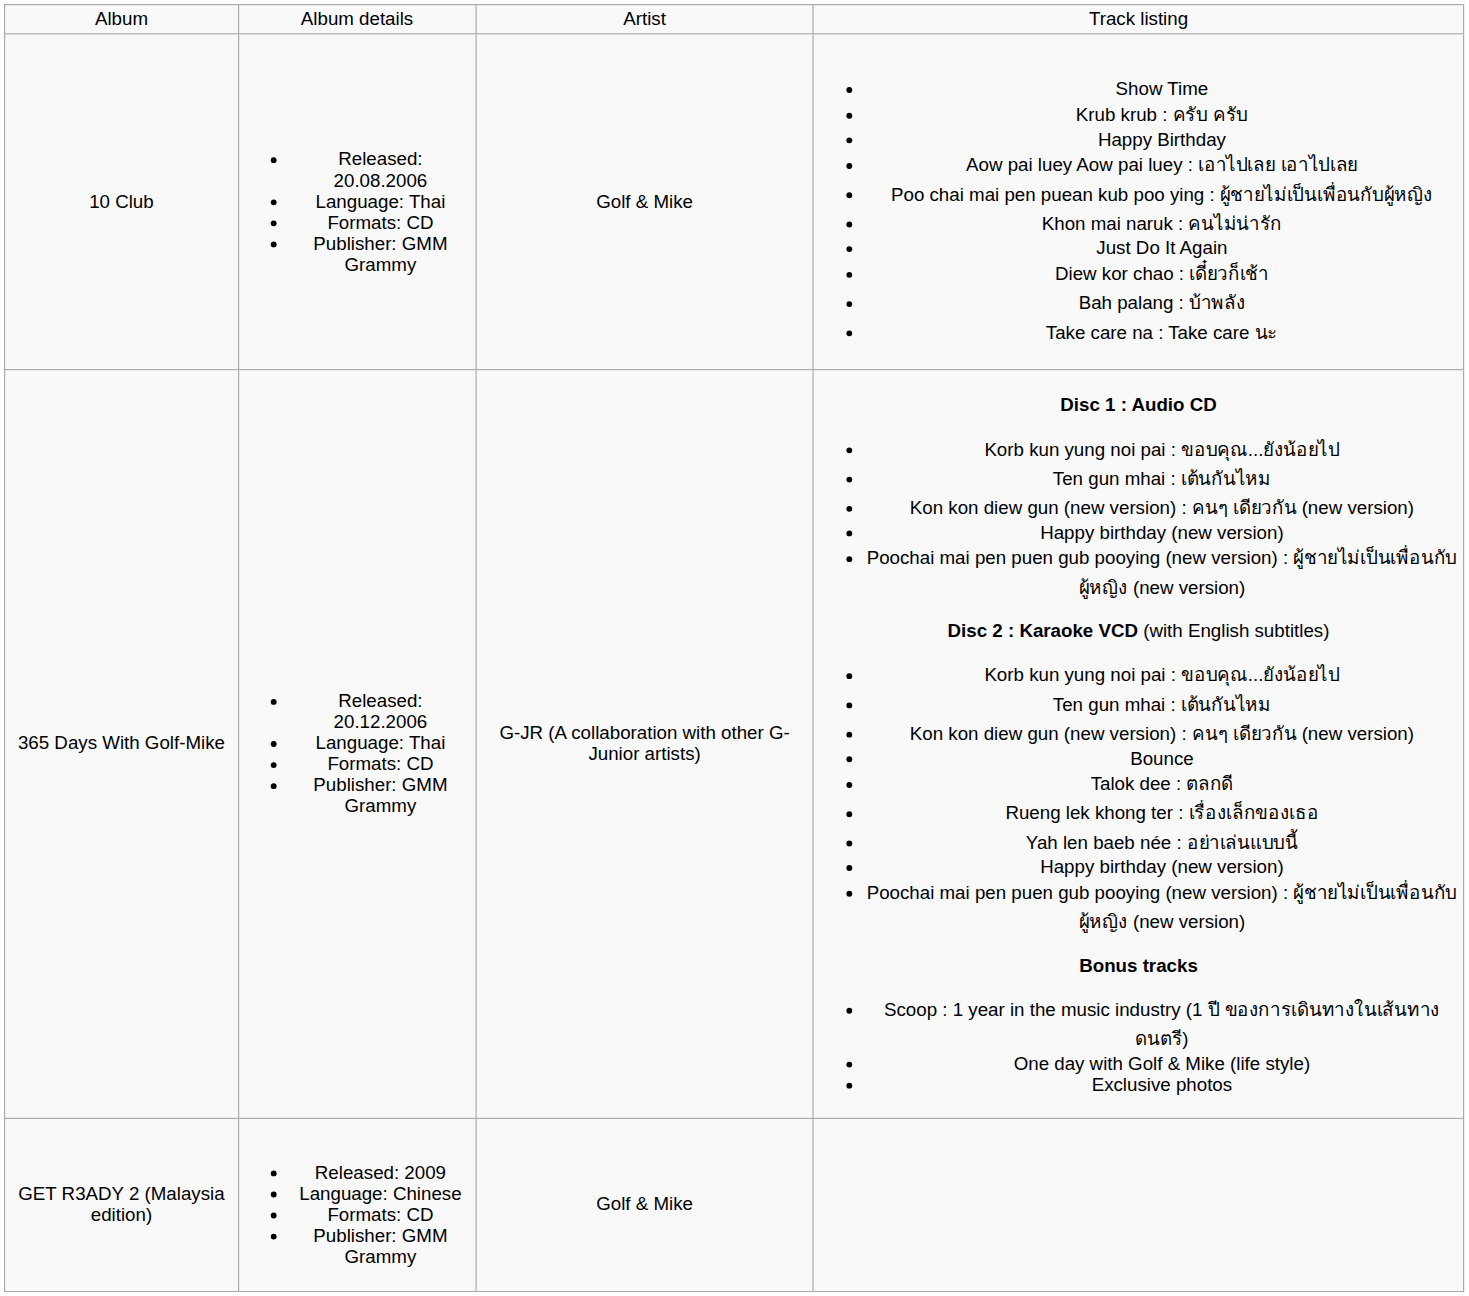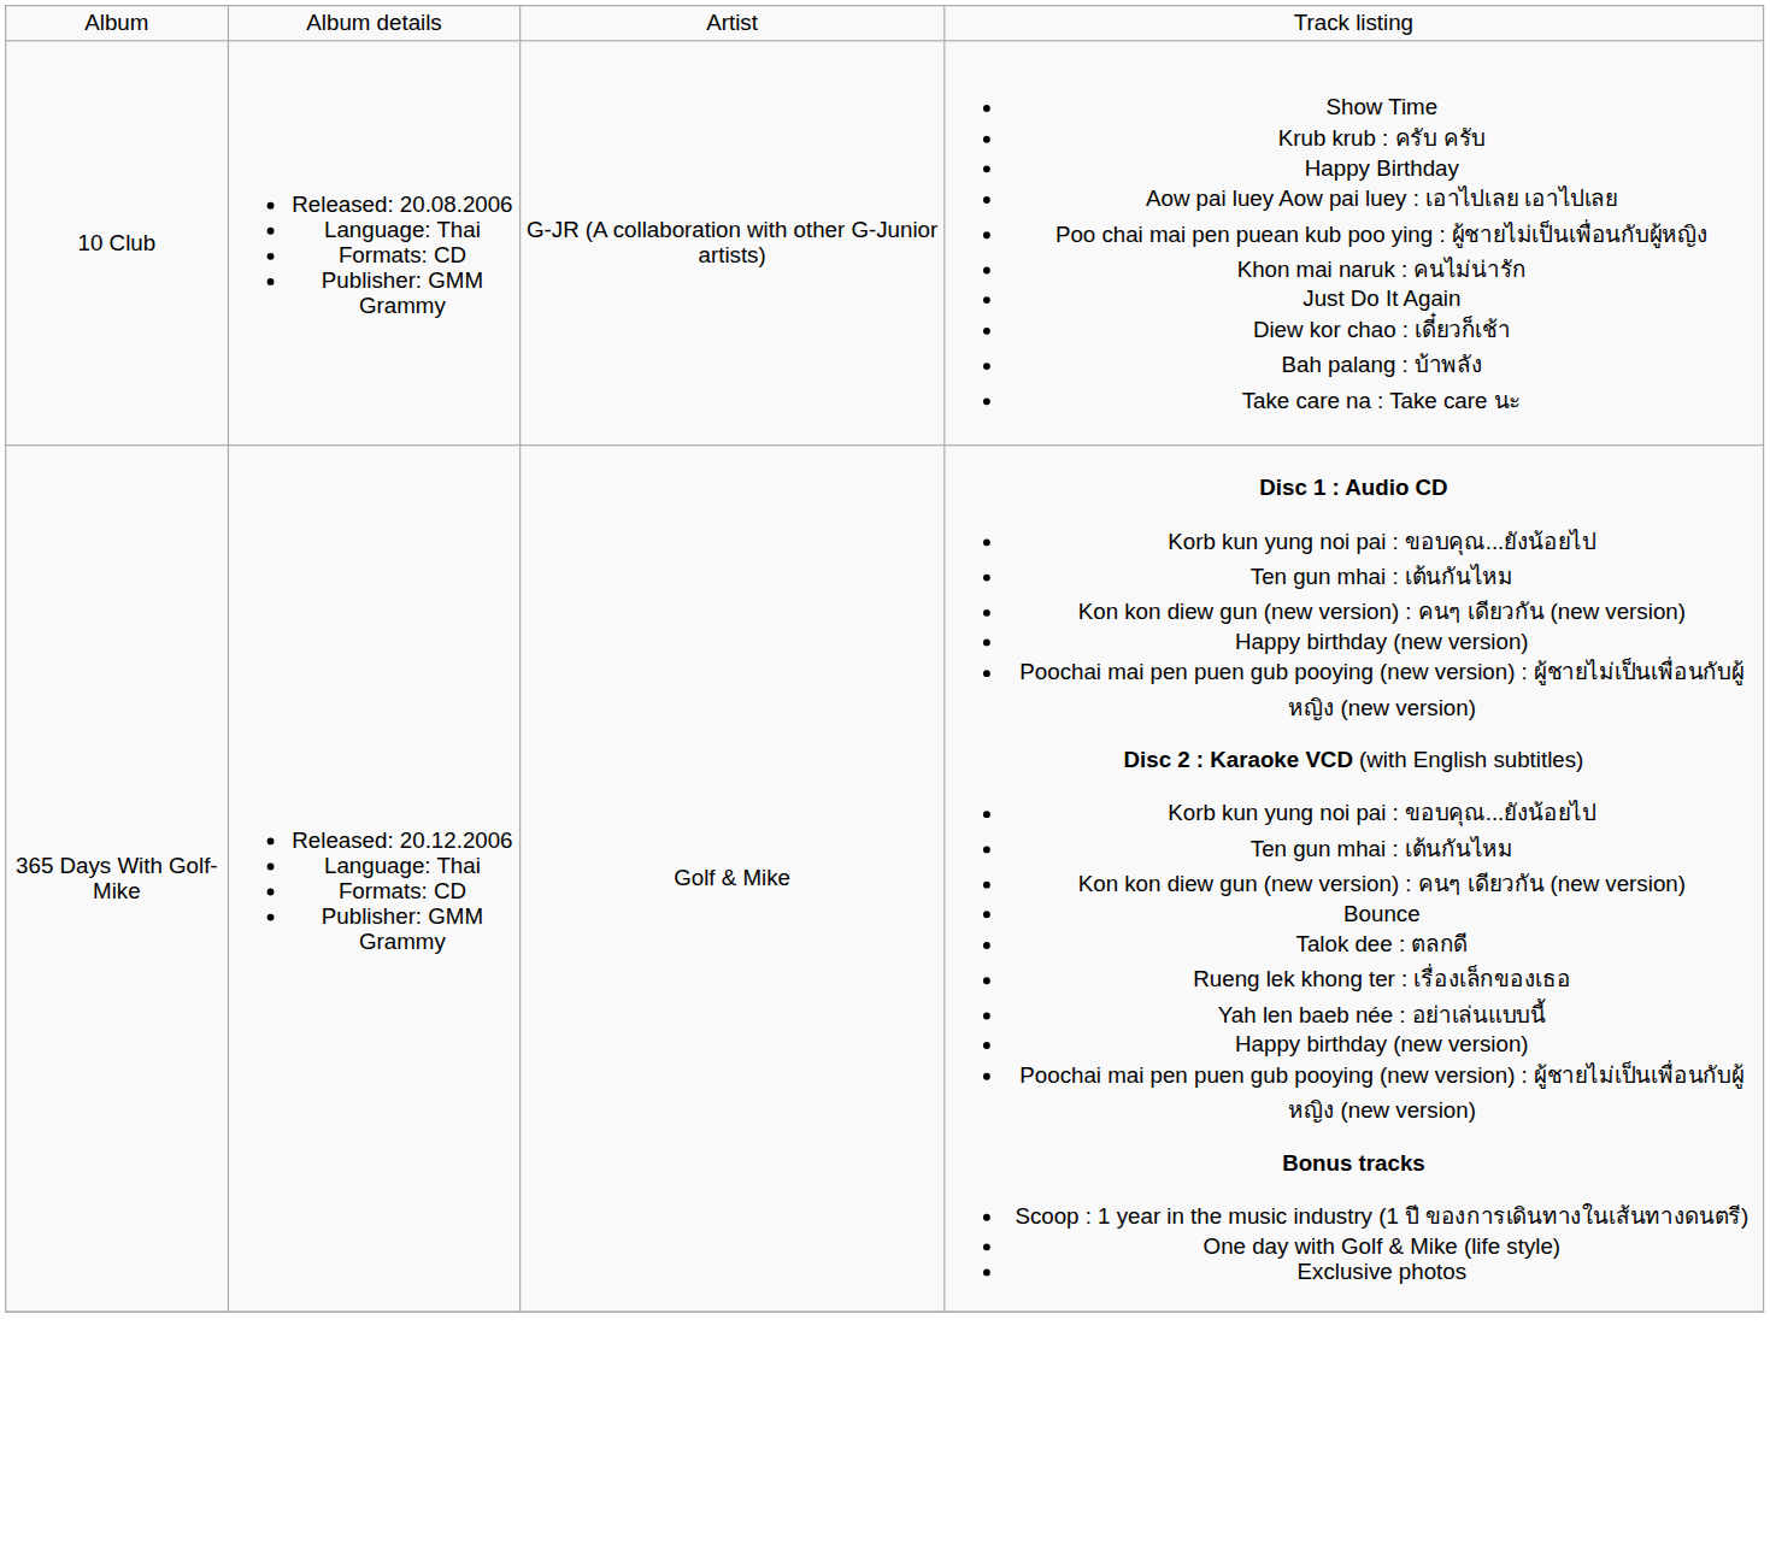 <table class="wikitable plainrowheaders" style="text-align:center;">
 <tr>
 <td scope="col">Album</td>
 <td scope="col">Album details</td>
 <td scope="col">Artist</td>
 <td scope="col">Track listing</td>
 </tr>
 <tr>
 <td scope="row">10 Club</td>
 <td scope="row"><br><ul><li>Released: 20.08.2006</li><li>Language: Thai</li><li>Formats: CD</li><li>Publisher: GMM Grammy</li></ul></td>
-<td scope="row">Golf & Mike</td>
+<td scope="row">G-JR (A collaboration with other G-Junior artists)</td>
 <td scope="row"><br><ul><li>Show Time</li><li>Krub krub : ครับ ครับ</li><li>Happy Birthday</li><li>Aow pai luey Aow pai luey : เอาไปเลย เอาไปเลย</li><li>Poo chai mai pen puean kub poo ying : ผู้ชายไม่เป็นเพื่อนกับผู้หญิง</li><li>Khon mai naruk : คนไม่น่ารัก</li><li>Just Do It Again</li><li>Diew kor chao : เดี๋ยวก็เช้า</li><li>Bah palang : บ้าพลัง</li><li>Take care na : Take care นะ</li></ul></td>
 </tr>
 <tr>
 <td scope="row">365 Days With Golf-Mike</td>
 <td scope="row"><br><ul><li>Released: 20.12.2006</li><li>Language: Thai</li><li>Formats: CD</li><li>Publisher: GMM Grammy</li></ul></td>
-<td scope="row">G-JR (A collaboration with other G-Junior artists)</td>
+<td scope="row">Golf & Mike</td>
 <td scope="row"><br><strong>Disc 1 : Audio CD</strong><ul><li>Korb kun yung noi pai : ขอบคุณ...ยังน้อยไป</li><li>Ten gun mhai : เต้นกันไหม</li><li>Kon kon diew gun (new version) : คนๆ เดียวกัน (new version)</li><li>Happy birthday (new version)</li><li>Poochai mai pen puen gub pooying (new version) : ผู้ชายไม่เป็นเพื่อนกับผู้หญิง (new version)</li></ul><strong>Disc 2 : Karaoke VCD</strong>  (with English subtitles)<ul><li>Korb kun yung noi pai : ขอบคุณ...ยังน้อยไป</li><li>Ten gun mhai : เต้นกันไหม</li><li>Kon kon diew gun (new version) : คนๆ เดียวกัน (new version)</li><li>Bounce</li><li>Talok dee : ตลกดี</li><li>Rueng lek khong ter : เรื่องเล็กของเธอ</li><li>Yah len baeb née : อย่าเล่นแบบนี้</li><li>Happy birthday (new version)</li><li>Poochai mai pen puen gub pooying (new version) : ผู้ชายไม่เป็นเพื่อนกับผู้หญิง (new version)</li></ul><strong>Bonus tracks</strong><ul><li>Scoop : 1 year in the music industry (1 ปี ของการเดินทางในเส้นทางดนตรี)</li><li>One day with Golf & Mike (life style)</li><li>Exclusive photos</li></ul></td>
-</tr>
-<tr>
-<td scope="row">GET R3ADY 2 (Malaysia edition)</td>
-<td scope="row"><br><ul><li>Released: 2009</li><li>Language: Chinese</li><li>Formats: CD</li><li>Publisher: GMM Grammy</li></ul></td>
-<td scope="row">Golf & Mike</td>
-<td scope="row"></td>
 </tr>
 <tr>
 </tr>
 </table>
